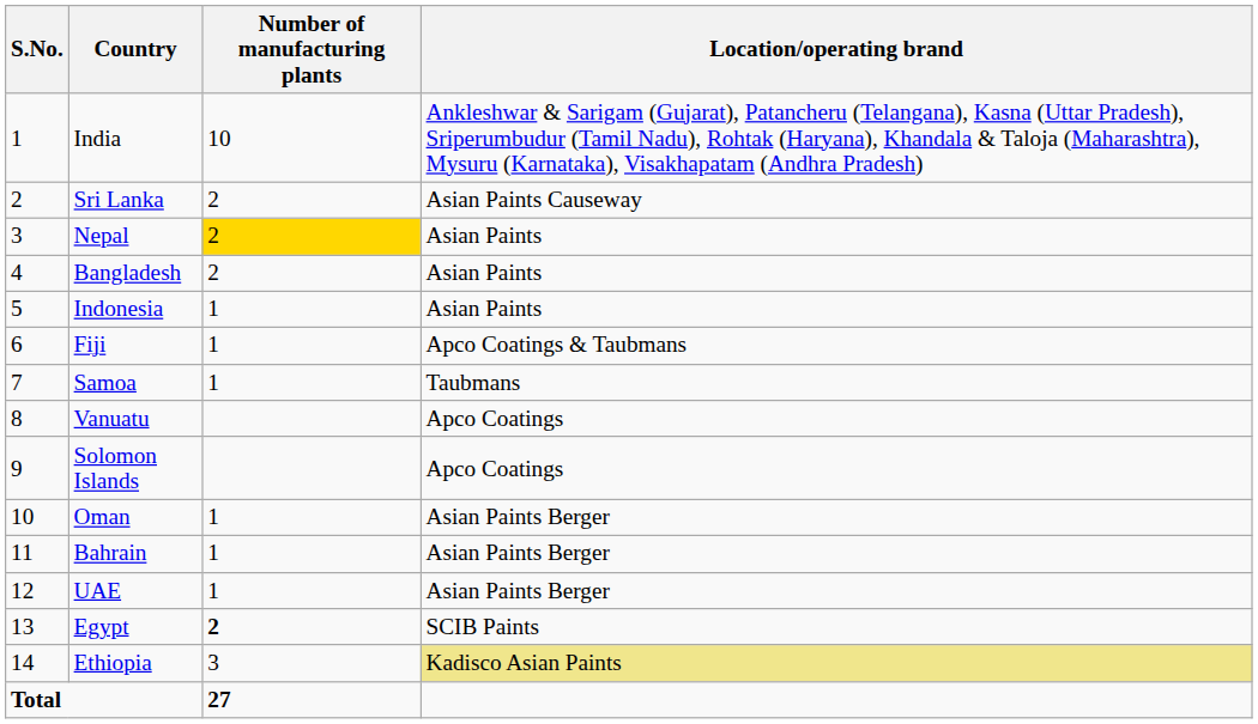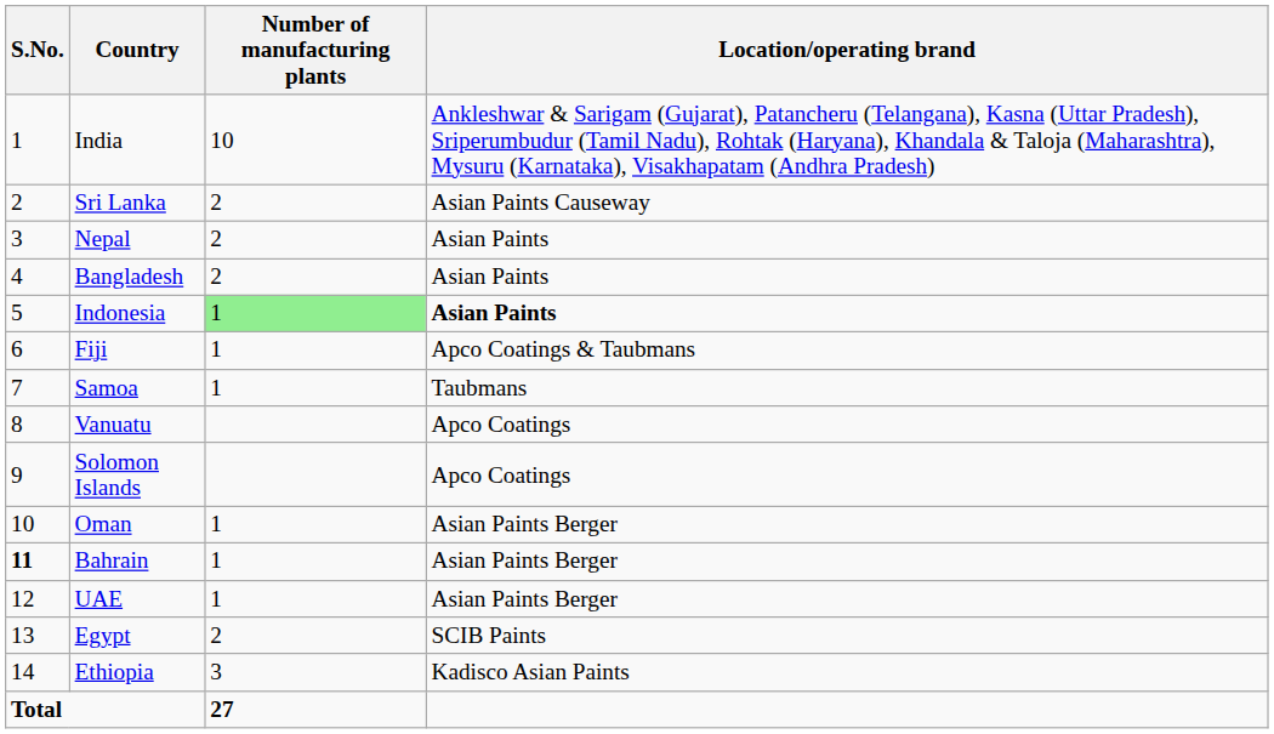 <table class="wikitable">
 <tr>
 <th>S.No.</th>
 <th>Country</th>
 <th>Number of manufacturing plants</th>
 <th>Location/operating brand</th>
 </tr>
 <tr>
 <td>1</td>
 <td>India</td>
 <td>10</td>
 <td><a href='#'>Ankleshwar</a> & <a href='#'>Sarigam</a> (<a href='#'>Gujarat</a>), <a href='#'>Patancheru</a> (<a href='#'>Telangana</a>), <a href='#'>Kasna</a> (<a href='#'>Uttar Pradesh</a>), <a href='#'>Sriperumbudur</a> (<a href='#'>Tamil Nadu</a>), <a href='#'>Rohtak</a> (<a href='#'>Haryana</a>), <a href='#'>Khandala</a> & Taloja (<a href='#'>Maharashtra</a>), <a href='#'>Mysuru</a> (<a href='#'>Karnataka</a>), <a href='#'>Visakhapatam</a> (<a href='#'>Andhra Pradesh</a>)</td>
 </tr>
 <tr>
 <td>2</td>
 <td><a href='#'>Sri Lanka</a></td>
 <td>2</td>
 <td>Asian Paints Causeway</td>
 </tr>
 <tr>
 <td>3</td>
 <td><a href='#'>Nepal</a></td>
-<td style="background: gold;">2</td>
+<td>2</td>
 <td>Asian Paints</td>
 </tr>
 <tr>
 <td>4</td>
 <td><a href='#'>Bangladesh</a></td>
 <td>2</td>
 <td>Asian Paints</td>
 </tr>
 <tr>
 <td>5</td>
 <td><a href='#'>Indonesia</a></td>
-<td>1</td>
-<td>Asian Paints</td>
+<td style="background: lightgreen;">1</td>
+<td><strong>Asian Paints</strong></td>
 </tr>
 <tr>
 <td>6</td>
 <td><a href='#'>Fiji</a></td>
 <td>1</td>
 <td>Apco Coatings & Taubmans</td>
 </tr>
 <tr>
 <td>7</td>
 <td><a href='#'>Samoa</a></td>
 <td>1</td>
 <td>Taubmans</td>
 </tr>
 <tr>
 <td>8</td>
 <td><a href='#'>Vanuatu</a></td>
 <td></td>
 <td>Apco Coatings</td>
 </tr>
 <tr>
 <td>9</td>
 <td><a href='#'>Solomon Islands</a></td>
 <td></td>
 <td>Apco Coatings</td>
 </tr>
 <tr>
 <td>10</td>
 <td><a href='#'>Oman</a></td>
 <td>1</td>
 <td>Asian Paints Berger</td>
 </tr>
 <tr>
-<td>11</td>
+<td><strong>11</strong></td>
 <td><a href='#'>Bahrain</a></td>
 <td>1</td>
 <td>Asian Paints Berger</td>
 </tr>
 <tr>
 <td>12</td>
 <td><a href='#'>UAE</a></td>
 <td>1</td>
 <td>Asian Paints Berger</td>
 </tr>
 <tr>
 <td>13</td>
 <td><a href='#'>Egypt</a></td>
-<td><strong>2</strong></td>
+<td>2</td>
 <td>SCIB Paints</td>
 </tr>
 <tr>
 <td>14</td>
 <td><a href='#'>Ethiopia</a></td>
 <td>3</td>
-<td style="background: khaki;">Kadisco Asian Paints</td>
+<td>Kadisco Asian Paints</td>
 </tr>
 <tr>
 <td colspan="2"><strong>Total</strong></td>
 <td><strong>27</strong></td>
 <td></td>
 </tr>
 </table>
